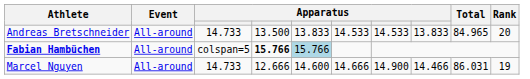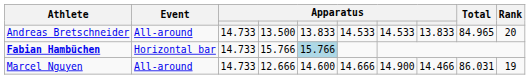 <table class="wikitable" style="font-size:90%">
 <tr>
 <th rowspan=2>Athlete</th>
 <th rowspan=2>Event</th>
 <th colspan =6>Apparatus</th>
 <th rowspan=2>Total</th>
 <th rowspan=2>Rank</th>
 </tr>
 <tr style="font-size:95%">
 <th></th>
 <th></th>
 <th></th>
 <th></th>
 <th></th>
 <th></th>
 </tr>
 <tr align=center>
 <td align=left><a href='#'>Andreas Bretschneider</a></td>
 <td align=left><a href='#'>All-around</a></td>
 <td>14.733</td>
 <td>13.500</td>
 <td>13.833</td>
 <td>14.533</td>
 <td>14.533</td>
 <td>13.833</td>
 <td>84.965</td>
 <td>20</td>
 </tr>
 <tr align=center>
 <td align=left><strong><a href='#'>Fabian Hambüchen</a></strong></td>
-<td align=left><a href='#'>All-around</a></td>
-<td>colspan=5 </td>
-<td><strong>15.766</strong></td>
+<td align=left><a href='#'>Horizontal bar</a></td>
+<td>14.733</td>
+<td>15.766</td>
 <td style="background: lightblue;">15.766</td>
 <td></td>
 </tr>
 <tr align=center>
 <td align=left><a href='#'>Marcel Nguyen</a></td>
 <td align=left><a href='#'>All-around</a></td>
 <td>14.733</td>
 <td>12.666</td>
 <td>14.600</td>
 <td>14.666</td>
 <td>14.900</td>
 <td>14.466</td>
 <td>86.031</td>
 <td>19</td>
 </tr>
 </table>
